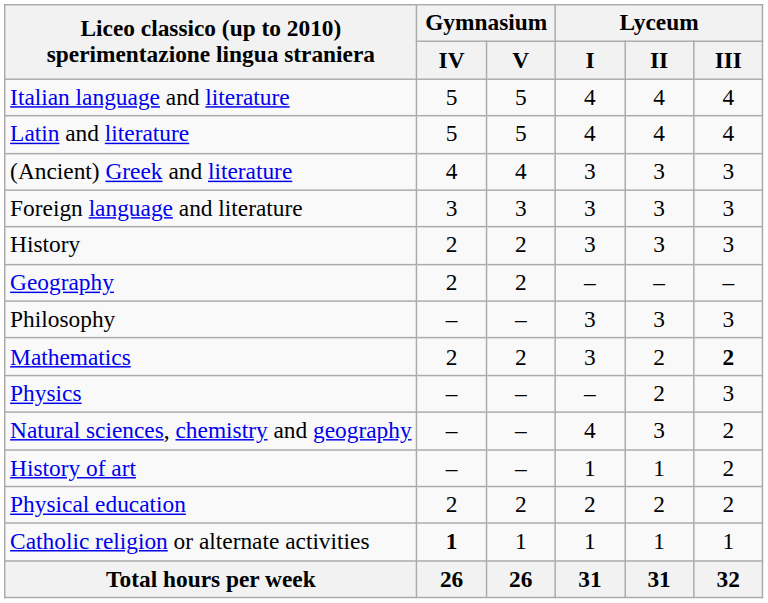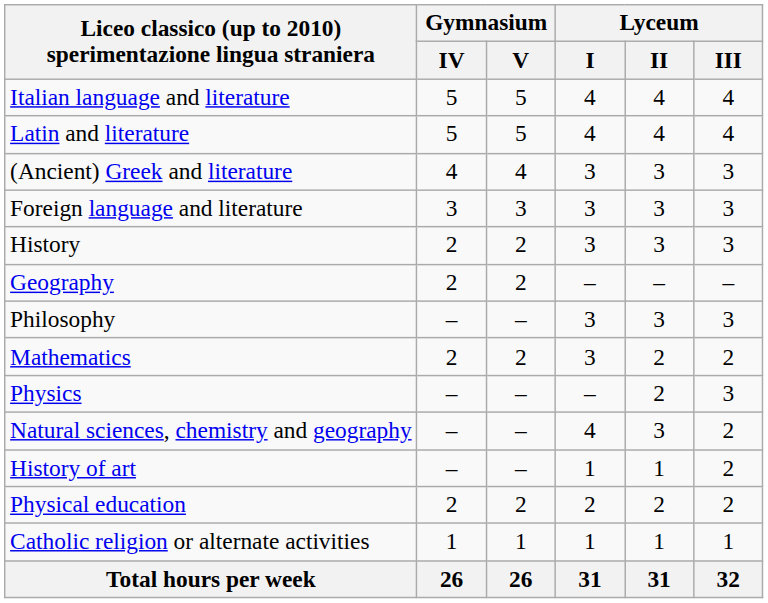 <table class="wikitable">
 <tr>
 <th rowspan="2">Liceo classico (up to 2010)<br>sperimentazione lingua straniera</th>
 <th colspan="2">Gymnasium</th>
 <th colspan="3">Lyceum</th>
 </tr>
 <tr>
 <th width="40">IV</th>
 <th width="40">V</th>
 <th width="40">I</th>
 <th width="40">II</th>
 <th width="40">III</th>
 </tr>
 <tr align="center">
 <td align="left"><a href='#'>Italian language</a> and <a href='#'>literature</a></td>
 <td>5</td>
 <td>5</td>
 <td>4</td>
 <td>4</td>
 <td>4</td>
 </tr>
 <tr align="center">
 <td align="left"><a href='#'>Latin</a> and <a href='#'>literature</a></td>
 <td>5</td>
 <td>5</td>
 <td>4</td>
 <td>4</td>
 <td>4</td>
 </tr>
 <tr align="center">
 <td align="left">(Ancient) <a href='#'>Greek</a> and <a href='#'>literature</a></td>
 <td>4</td>
 <td>4</td>
 <td>3</td>
 <td>3</td>
 <td>3</td>
 </tr>
 <tr align="center">
 <td align="left">Foreign <a href='#'>language</a> and literature</td>
 <td>3</td>
 <td>3</td>
 <td>3</td>
 <td>3</td>
 <td>3</td>
 </tr>
 <tr align="center">
 <td align="left">History</td>
 <td>2</td>
 <td>2</td>
 <td>3</td>
 <td>3</td>
 <td>3</td>
 </tr>
 <tr align="center">
 <td align="left"><a href='#'>Geography</a></td>
 <td>2</td>
 <td>2</td>
 <td>–</td>
 <td>–</td>
 <td>–</td>
 </tr>
 <tr align="center">
 <td align="left">Philosophy</td>
 <td>–</td>
 <td>–</td>
 <td>3</td>
 <td>3</td>
 <td>3</td>
 </tr>
 <tr align="center">
 <td align="left"><a href='#'>Mathematics</a></td>
 <td>2</td>
 <td>2</td>
 <td>3</td>
 <td>2</td>
-<td><strong>2</strong></td>
+<td>2</td>
 </tr>
 <tr align="center">
 <td align="left"><a href='#'>Physics</a></td>
 <td>–</td>
 <td>–</td>
 <td>–</td>
 <td>2</td>
 <td>3</td>
 </tr>
 <tr align="center">
 <td align="left"><a href='#'>Natural sciences</a>, <a href='#'>chemistry</a> and <a href='#'>geography</a></td>
 <td>–</td>
 <td>–</td>
 <td>4</td>
 <td>3</td>
 <td>2</td>
 </tr>
 <tr align="center">
 <td align="left"><a href='#'>History of art</a></td>
 <td>–</td>
 <td>–</td>
 <td>1</td>
 <td>1</td>
 <td>2</td>
 </tr>
 <tr align="center">
 <td align="left"><a href='#'>Physical education</a></td>
 <td>2</td>
 <td>2</td>
 <td>2</td>
 <td>2</td>
 <td>2</td>
 </tr>
 <tr align="center">
 <td align="left"><a href='#'>Catholic religion</a> or alternate activities</td>
-<td><strong>1</strong></td>
+<td>1</td>
 <td>1</td>
 <td>1</td>
 <td>1</td>
 <td>1</td>
 </tr>
 <tr>
 <th>Total hours per week</th>
 <th>26</th>
 <th>26</th>
 <th>31</th>
 <th>31</th>
 <th>32</th>
 </tr>
 </table>
